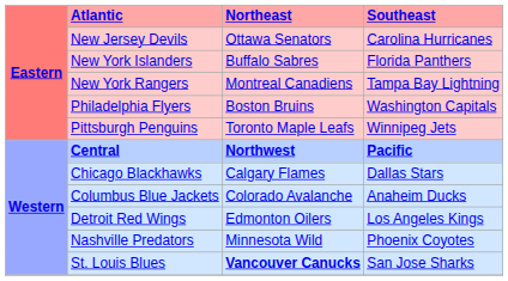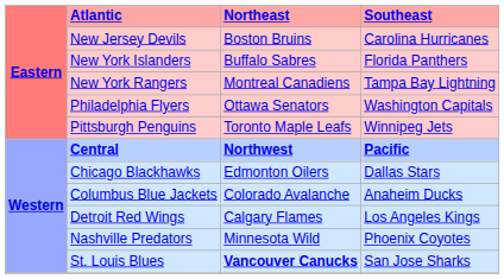 <table class="wikitable">
 <tr>
 <th rowspan="6" style="background-color: #FF7B77;"><strong><a href='#'>Eastern</a></strong></th>
 <td style="background-color: #FFA7A7;"><strong><a href='#'>Atlantic</a></strong></td>
 <td style="background-color: #FFA7A7;"><strong><a href='#'>Northeast</a></strong></td>
 <td style="background-color: #FFA7A7;"><strong><a href='#'>Southeast</a></strong></td>
 </tr>
 <tr>
 <td style="background-color: #FFCCCC;"><a href='#'>New Jersey Devils</a></td>
-<td style="background-color: #FFCCCC;"><a href='#'>Ottawa Senators</a></td>
+<td style="background-color: #FFCCCC;"><a href='#'>Boston Bruins</a></td>
 <td style="background-color: #FFCCCC;"><a href='#'>Carolina Hurricanes</a></td>
 </tr>
 <tr>
 <td style="background-color: #FFCCCC;"><a href='#'>New York Islanders</a></td>
 <td style="background-color: #FFCCCC;"><a href='#'>Buffalo Sabres</a></td>
 <td style="background-color: #FFCCCC;"><a href='#'>Florida Panthers</a></td>
 </tr>
 <tr>
 <td style="background-color: #FFCCCC;"><a href='#'>New York Rangers</a></td>
 <td style="background-color: #FFCCCC;"><a href='#'>Montreal Canadiens</a></td>
 <td style="background-color: #FFCCCC;"><a href='#'>Tampa Bay Lightning</a></td>
 </tr>
 <tr>
 <td style="background-color: #FFCCCC;"><a href='#'>Philadelphia Flyers</a></td>
-<td style="background-color: #FFCCCC;"><a href='#'>Boston Bruins</a></td>
+<td style="background-color: #FFCCCC;"><a href='#'>Ottawa Senators</a></td>
 <td style="background-color: #FFCCCC;"><a href='#'>Washington Capitals</a></td>
 </tr>
 <tr>
 <td style="background-color: #FFCCCC;"><a href='#'>Pittsburgh Penguins</a></td>
 <td style="background-color: #FFCCCC;"><a href='#'>Toronto Maple Leafs</a></td>
 <td style="background-color: #FFCCCC;"><a href='#'>Winnipeg Jets</a></td>
 </tr>
 <tr>
 <th rowspan="6" style="background-color: #99A8FF;"><strong><a href='#'>Western</a></strong></th>
 <td style="background-color: #B7D0FF;"><strong><a href='#'>Central</a></strong></td>
 <td style="background-color: #B7D0FF;"><strong><a href='#'>Northwest</a></strong></td>
 <td style="background-color: #B7D0FF;"><strong><a href='#'>Pacific</a></strong></td>
 </tr>
 <tr>
 <td style="background-color: #D0E7FF;"><a href='#'>Chicago Blackhawks</a></td>
-<td style="background-color: #D0E7FF;"><a href='#'>Calgary Flames</a></td>
+<td style="background-color: #D0E7FF;"><a href='#'>Edmonton Oilers</a></td>
 <td style="background-color: #D0E7FF;"><a href='#'>Dallas Stars</a></td>
 </tr>
 <tr>
 <td style="background-color: #D0E7FF;"><a href='#'>Columbus Blue Jackets</a></td>
 <td style="background-color: #D0E7FF;"><a href='#'>Colorado Avalanche</a></td>
 <td style="background-color: #D0E7FF;"><a href='#'>Anaheim Ducks</a></td>
 </tr>
 <tr>
 <td style="background-color: #D0E7FF;"><a href='#'>Detroit Red Wings</a></td>
-<td style="background-color: #D0E7FF;"><a href='#'>Edmonton Oilers</a></td>
+<td style="background-color: #D0E7FF;"><a href='#'>Calgary Flames</a></td>
 <td style="background-color: #D0E7FF;"><a href='#'>Los Angeles Kings</a></td>
 </tr>
 <tr>
 <td style="background-color: #D0E7FF;"><a href='#'>Nashville Predators</a></td>
 <td style="background-color: #D0E7FF;"><a href='#'>Minnesota Wild</a></td>
 <td style="background-color: #D0E7FF;"><a href='#'>Phoenix Coyotes</a></td>
 </tr>
 <tr>
 <td style="background-color: #D0E7FF;"><a href='#'>St. Louis Blues</a></td>
 <td style="background-color: #D0E7FF;"><strong><a href='#'>Vancouver Canucks</a></strong></td>
 <td style="background-color: #D0E7FF;"><a href='#'>San Jose Sharks</a></td>
 </tr>
 <tr>
 </tr>
 </table>
